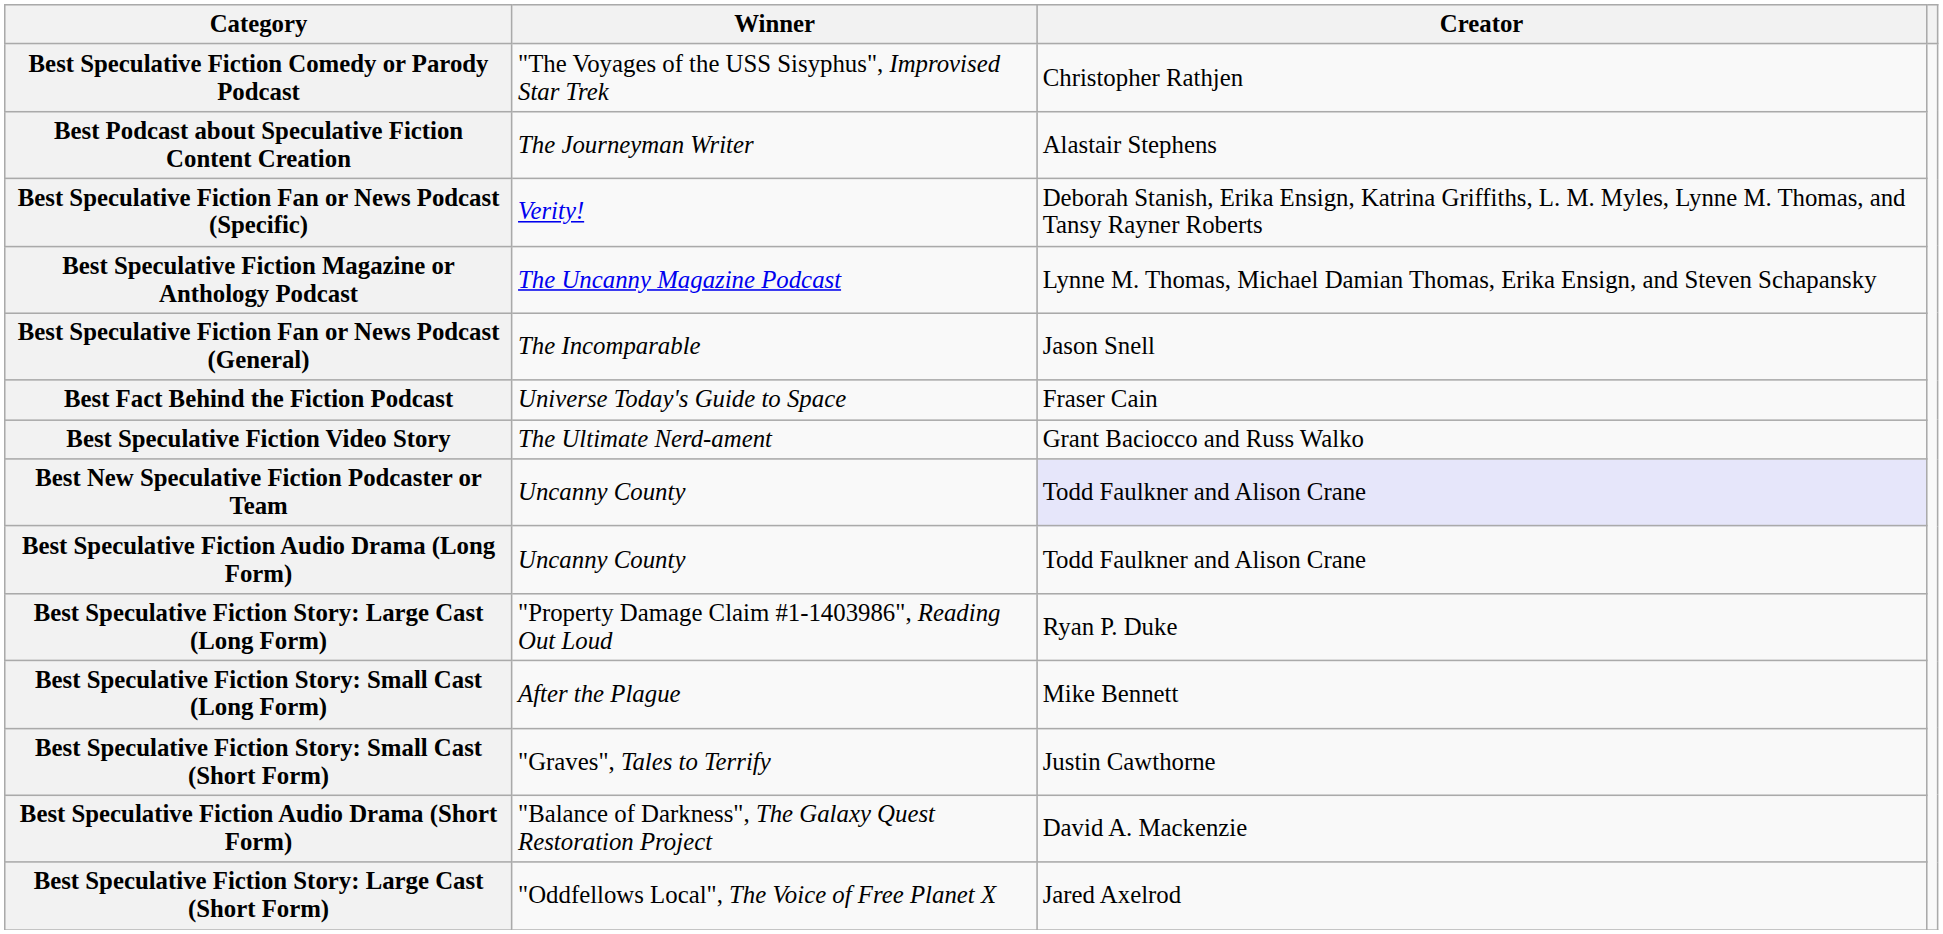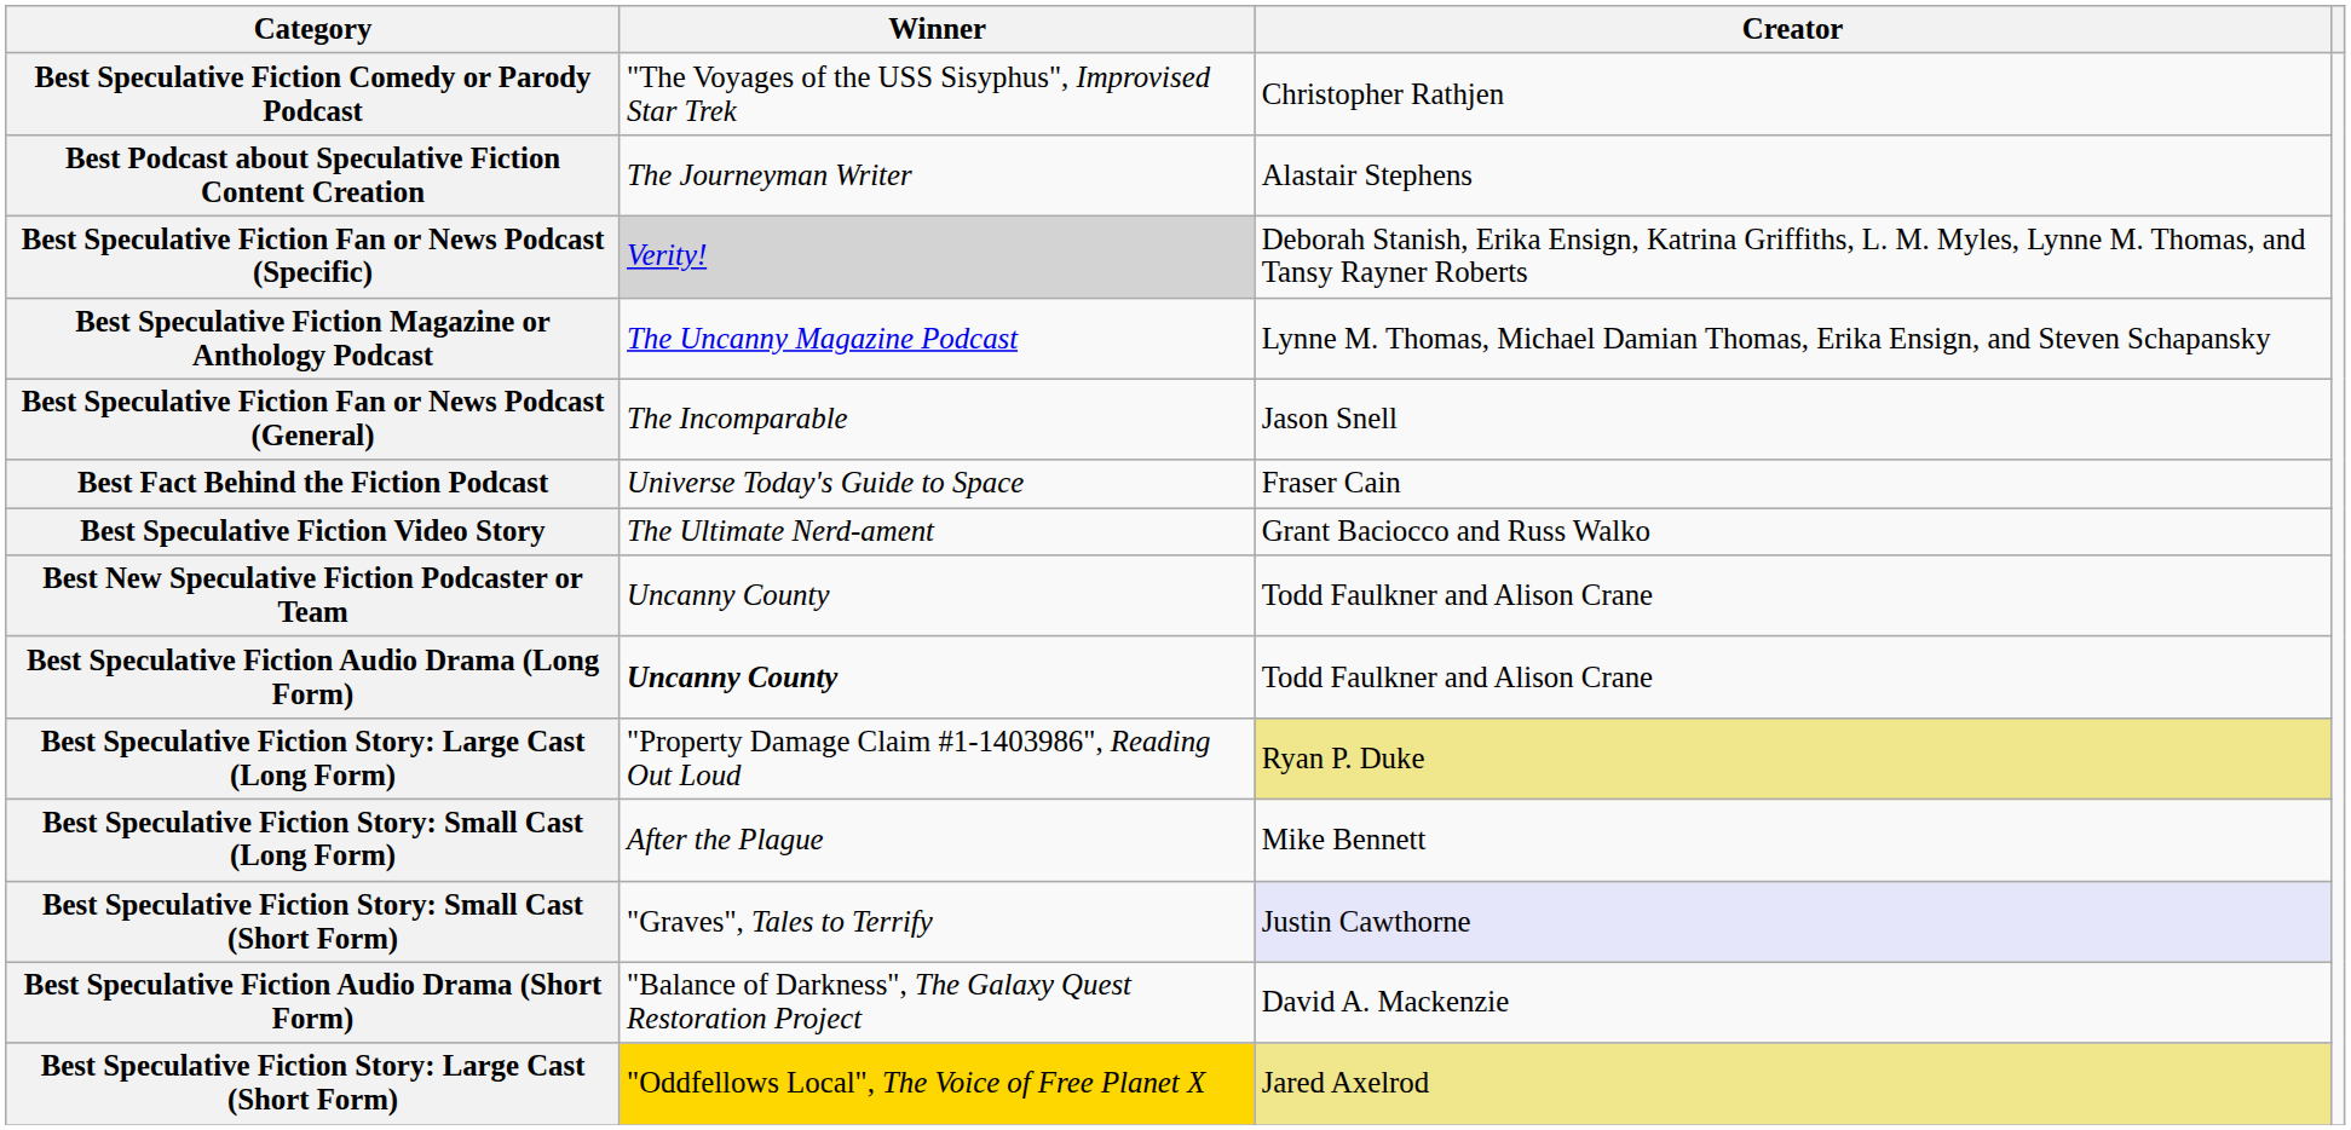 <table class="wikitable sortable">
 <tr>
 <th>Category</th>
 <th>Winner</th>
 <th>Creator</th>
 <th></th>
 </tr>
 <tr>
 <th>Best Speculative Fiction Comedy or Parody Podcast</th>
 <td>"The Voyages of the USS Sisyphus", <em>Improvised Star Trek</em></td>
 <td>Christopher Rathjen</td>
 <td rowspan="14"></td>
 </tr>
 <tr>
 <th>Best Podcast about Speculative Fiction Content Creation</th>
 <td><em>The Journeyman Writer</em></td>
 <td>Alastair Stephens</td>
 </tr>
 <tr>
 <th>Best Speculative Fiction Fan or News Podcast (Specific)</th>
-<td><em><a href='#'>Verity!</a></em></td>
+<td style="background: lightgrey;"><em><a href='#'>Verity!</a></em></td>
 <td>Deborah Stanish, Erika Ensign, Katrina Griffiths, L. M. Myles, Lynne M. Thomas, and Tansy Rayner Roberts</td>
 </tr>
 <tr>
 <th>Best Speculative Fiction Magazine or Anthology Podcast</th>
 <td><a href='#'><em>The Uncanny Magazine Podcast</em></a></td>
 <td>Lynne M. Thomas, Michael Damian Thomas, Erika Ensign, and Steven Schapansky</td>
 </tr>
 <tr>
 <th>Best Speculative Fiction Fan or News Podcast (General)</th>
 <td><em>The Incomparable</em></td>
 <td>Jason Snell</td>
 </tr>
 <tr>
 <th>Best Fact Behind the Fiction Podcast</th>
 <td><em>Universe Today's Guide to Space</em></td>
 <td>Fraser Cain</td>
 </tr>
 <tr>
 <th>Best Speculative Fiction Video Story</th>
 <td><em>The Ultimate Nerd-ament</em></td>
 <td>Grant Baciocco and Russ Walko</td>
 </tr>
 <tr>
 <th>Best New Speculative Fiction Podcaster or Team</th>
 <td><em>Uncanny County</em></td>
-<td style="background: lavender;">Todd Faulkner and Alison Crane</td>
+<td>Todd Faulkner and Alison Crane</td>
 </tr>
 <tr>
 <th>Best Speculative Fiction Audio Drama (Long Form)</th>
-<td><em>Uncanny County</em></td>
+<td><strong><em>Uncanny County</em></strong></td>
 <td>Todd Faulkner and Alison Crane</td>
 </tr>
 <tr>
 <th>Best Speculative Fiction Story: Large Cast (Long Form)</th>
 <td>"Property Damage Claim #1-1403986", <em>Reading Out Loud</em></td>
-<td>Ryan P. Duke</td>
+<td style="background: khaki;">Ryan P. Duke</td>
 </tr>
 <tr>
 <th>Best Speculative Fiction Story: Small Cast (Long Form)</th>
 <td><em>After the Plague</em></td>
 <td>Mike Bennett</td>
 </tr>
 <tr>
 <th>Best Speculative Fiction Story: Small Cast (Short Form)</th>
 <td>"Graves", <em>Tales to Terrify</em></td>
-<td>Justin Cawthorne</td>
+<td style="background: lavender;">Justin Cawthorne</td>
 </tr>
 <tr>
 <th>Best Speculative Fiction Audio Drama (Short Form)</th>
 <td>"Balance of Darkness", <em>The Galaxy Quest Restoration Project</em></td>
 <td>David A. Mackenzie</td>
 </tr>
 <tr>
 <th>Best Speculative Fiction Story: Large Cast (Short Form)</th>
-<td>"Oddfellows Local", <em>The Voice of Free Planet X</em> </td>
-<td>Jared Axelrod</td>
+<td style="background: gold;">"Oddfellows Local", <em>The Voice of Free Planet X</em> </td>
+<td style="background: khaki;">Jared Axelrod</td>
 </tr>
 </table>
